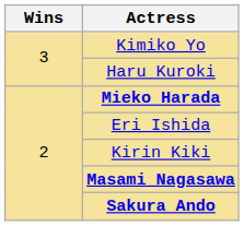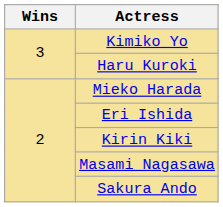 <table class="wikitable" rowspan=2 style="text-align: center; background: #f6e39c">
 <tr>
 <th scope="col" width="55" align="center">Wins</th>
 <th scope="col" align="center">Actress</th>
 </tr>
 <tr>
 <td rowspan=2>3</td>
 <td><a href='#'>Kimiko Yo</a></td>
 </tr>
 <tr>
 <td><a href='#'>Haru Kuroki</a></td>
 </tr>
 <tr>
 <td rowspan=5>2</td>
-<td><strong><a href='#'>Mieko Harada</a></strong></td>
+<td><a href='#'>Mieko Harada</a></td>
 </tr>
 <tr>
 <td><a href='#'>Eri Ishida</a></td>
 </tr>
 <tr>
 <td><a href='#'>Kirin Kiki</a></td>
 </tr>
 <tr>
-<td><strong><a href='#'>Masami Nagasawa</a></strong></td>
+<td><a href='#'>Masami Nagasawa</a></td>
 </tr>
 <tr>
-<td><strong><a href='#'>Sakura Ando</a></strong></td>
+<td><a href='#'>Sakura Ando</a></td>
 </tr>
 </table>
